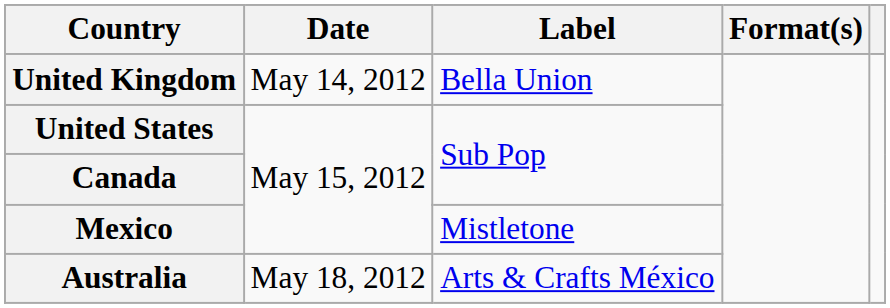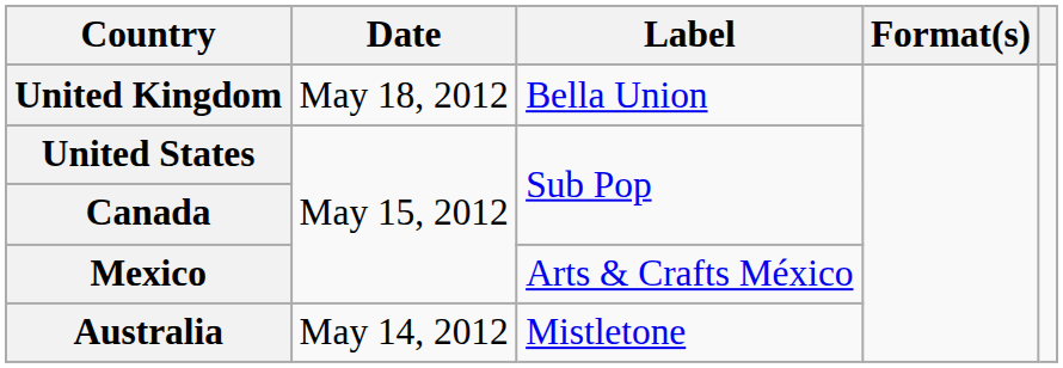 <table class="wikitable plainrowheaders">
 <tr>
 <th scope="col">Country</th>
 <th scope="col">Date</th>
 <th scope="col">Label</th>
 <th scope="col">Format(s)</th>
 <th scope="col"></th>
 </tr>
 <tr>
 <th scope="row">United Kingdom</th>
-<td>May 14, 2012</td>
+<td>May 18, 2012</td>
 <td><a href='#'>Bella Union</a></td>
 <td rowspan="5"></td>
 <td rowspan="5"></td>
 </tr>
 <tr>
 <th scope="row">United States</th>
 <td rowspan="3">May 15, 2012</td>
 <td rowspan="2"><a href='#'>Sub Pop</a></td>
 </tr>
 <tr>
 <th scope="row">Canada</th>
 </tr>
 <tr>
 <th scope="row">Mexico</th>
-<td><a href='#'>Mistletone</a></td>
+<td><a href='#'>Arts & Crafts México</a></td>
 </tr>
 <tr>
 <th scope="row">Australia</th>
-<td>May 18, 2012</td>
-<td><a href='#'>Arts & Crafts México</a></td>
+<td>May 14, 2012</td>
+<td><a href='#'>Mistletone</a></td>
 </tr>
 </table>
